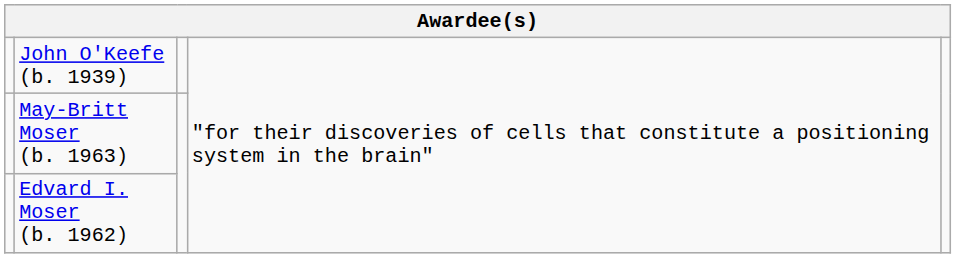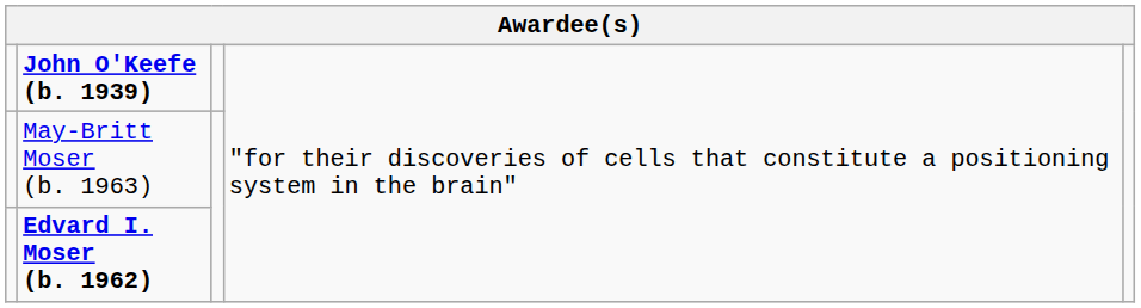 <table class="wikitable">
 <tr>
 <th colspan="5">Awardee(s)</th>
 </tr>
 <tr>
 <td></td>
-<td><a href='#'>John O'Keefe</a><br>(b. 1939)</td>
+<td><strong><a href='#'>John O'Keefe</a><br>(b. 1939)</strong></td>
 <td><br></td>
 <td rowspan="3">"for their discoveries of cells that constitute a positioning system in the brain"</td>
 <td rowspan="3"></td>
 </tr>
 <tr>
 <td></td>
 <td><a href='#'>May-Britt Moser</a><br>(b. 1963)</td>
 <td rowspan="2"></td>
 </tr>
 <tr>
 <td></td>
-<td><a href='#'>Edvard I. Moser</a><br>(b. 1962)</td>
+<td><strong><a href='#'>Edvard I. Moser</a><br>(b. 1962)</strong></td>
 </tr>
 </table>
